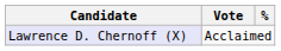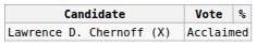 <table class="wikitable">
 <tr>
 <th bgcolor="#DDDDFF" width="200px">Candidate</th>
 <th bgcolor="#DDDDFF">Vote</th>
 <th bgcolor="#DDDDFF">%</th>
 </tr>
 <tr>
-<td style="background: lavender;">Lawrence D. Chernoff (X)</td>
+<td>Lawrence D. Chernoff (X)</td>
 <td colspan="2">Acclaimed</td>
 </tr>
 </table>
